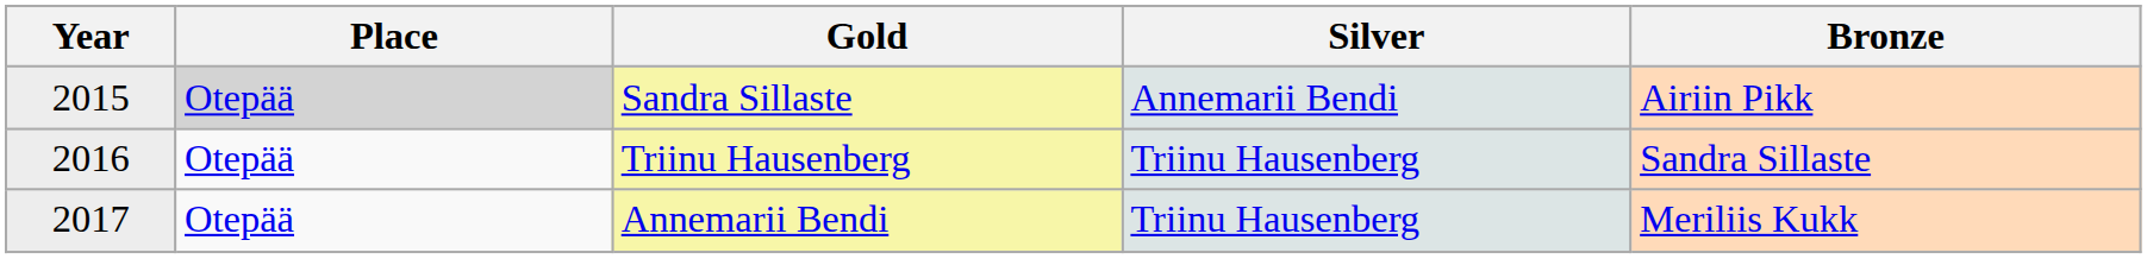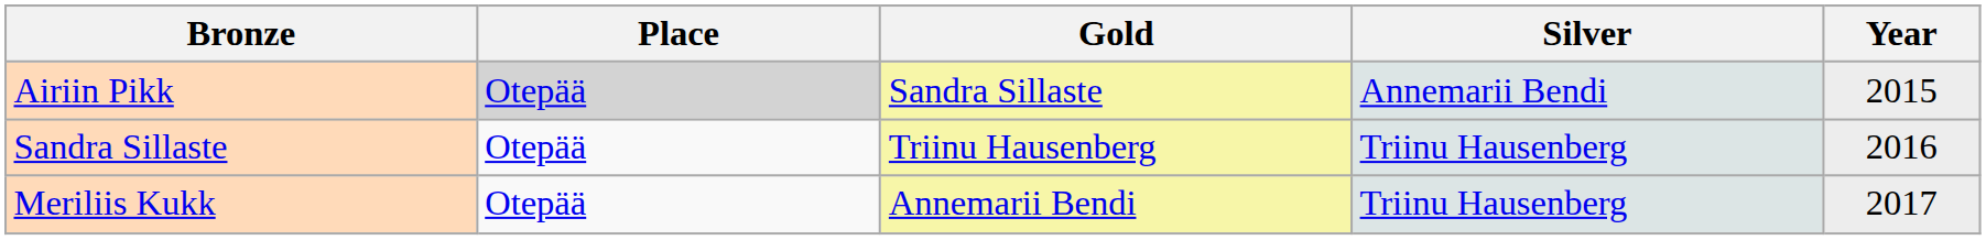 <table class="wikitable" style=" width:100%">
 <tr style="background:#EDEDED;">
-<th class="hintergrundfarbe6" style="width:7%">Year</th>
+<th bgcolor="#CC9966" style="width:21%;">Bronze</th>
 <th class="hintergrundfarbe6" style="width:18%">Place</th>
 <th bgcolor=gold style="width:21%;">Gold</th>
 <th bgcolor=silver style="width:21%;">Silver</th>
-<th bgcolor="#CC9966" style="width:21%;">Bronze</th>
+<th class="hintergrundfarbe6" style="width:7%">Year</th>
 </tr>
 <tr>
-<td align="center" bgcolor="#EDEDED">2015</td>
+<td bgcolor="#FFDAB9"><a href='#'>Airiin Pikk</a></td>
 <td style="background: lightgrey;"><a href='#'>Otepää</a></td>
 <td bgcolor="#F7F6A8"><a href='#'>Sandra Sillaste</a></td>
 <td bgcolor="#DCE5E5"><a href='#'>Annemarii Bendi</a></td>
-<td bgcolor="#FFDAB9"><a href='#'>Airiin Pikk</a></td>
+<td align="center" bgcolor="#EDEDED">2015</td>
 </tr>
 <tr>
-<td align="center" bgcolor="#EDEDED">2016</td>
+<td bgcolor="#FFDAB9"><a href='#'>Sandra Sillaste</a></td>
 <td><a href='#'>Otepää</a></td>
 <td bgcolor="#F7F6A8"><a href='#'>Triinu Hausenberg</a></td>
 <td bgcolor="#DCE5E5"><a href='#'>Triinu Hausenberg</a></td>
-<td bgcolor="#FFDAB9"><a href='#'>Sandra Sillaste</a></td>
+<td align="center" bgcolor="#EDEDED">2016</td>
 </tr>
 <tr>
-<td align="center" bgcolor="#EDEDED">2017</td>
+<td bgcolor="#FFDAB9"><a href='#'>Meriliis Kukk</a></td>
 <td><a href='#'>Otepää</a></td>
 <td bgcolor="#F7F6A8"><a href='#'>Annemarii Bendi</a></td>
 <td bgcolor="#DCE5E5"><a href='#'>Triinu Hausenberg</a></td>
-<td bgcolor="#FFDAB9"><a href='#'>Meriliis Kukk</a></td>
+<td align="center" bgcolor="#EDEDED">2017</td>
 </tr>
 </table>
